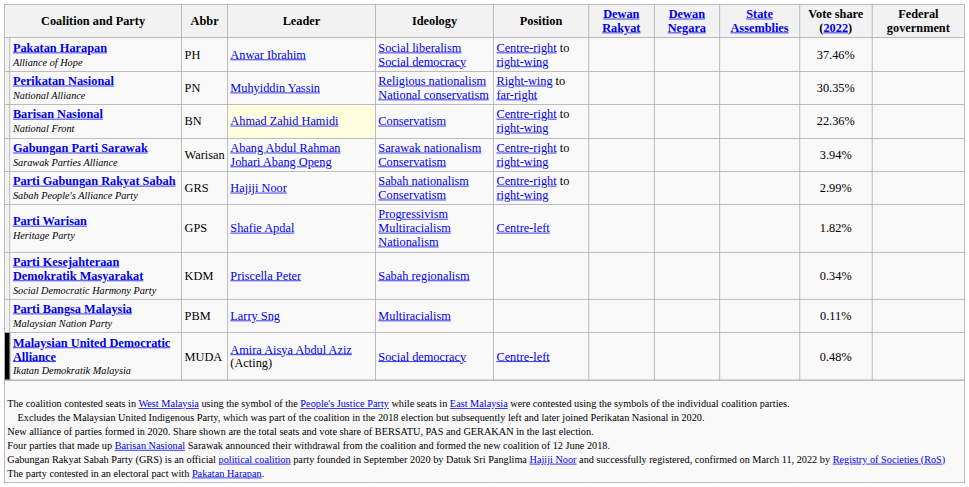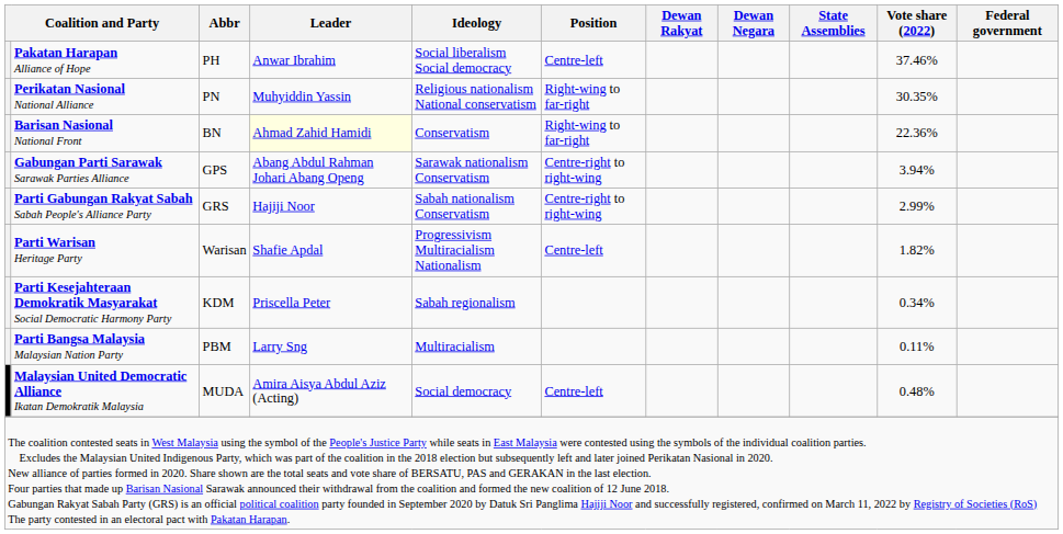 <table class="wikitable sortable">
 <tr>
 <th colspan="2" scope="col" class="unsortable">Coalition and Party</th>
 <th scope="col" class="unsortable">Abbr</th>
 <th scope="col" class="unsortable">Leader</th>
 <th scope="col" class="unsortable">Ideology</th>
 <th scope="col" class="unsortable">Position</th>
 <th data-sort-type="number"><a href='#'>Dewan Rakyat</a></th>
 <th data-sort-type="number"><a href='#'>Dewan Negara</a></th>
 <th data-sort-type="number"><a href='#'>State Assemblies</a></th>
 <th data-sort-type="number">Vote share (<a href='#'>2022</a>)</th>
 <th>Federal government</th>
 </tr>
 <tr>
 <th></th>
 <td><strong><a href='#'>Pakatan Harapan</a></strong><br> <small><em>Alliance of Hope</em></small></td>
 <td>PH</td>
 <td><a href='#'>Anwar Ibrahim</a></td>
 <td><a href='#'>Social liberalism</a><br><a href='#'>Social democracy</a></td>
-<td><a href='#'>Centre-right</a> to <a href='#'>right-wing</a></td>
+<td><a href='#'>Centre-left</a></td>
 <td style="text-align:center;"></td>
 <td style="text-align:center;"></td>
 <td style="text-align:center;"></td>
 <td style="text-align:center;">37.46%</td>
 <td></td>
 </tr>
 <tr>
 <th></th>
 <td><strong><a href='#'>Perikatan Nasional</a></strong><br> <small><em>National Alliance</em></small></td>
 <td>PN</td>
 <td><a href='#'>Muhyiddin Yassin</a></td>
 <td><a href='#'>Religious nationalism</a><br><a href='#'>National conservatism</a></td>
 <td><a href='#'>Right-wing</a> to <a href='#'>far-right</a></td>
 <td style="text-align:center;"></td>
 <td style="text-align:center;"></td>
 <td style="text-align:center;"></td>
 <td style="text-align:center;">30.35%</td>
 <td></td>
 </tr>
 <tr>
 <th></th>
 <td><strong><a href='#'>Barisan Nasional</a></strong><br> <small><em>National Front</em></small></td>
 <td>BN</td>
 <td style="background: lightyellow;"><a href='#'>Ahmad Zahid Hamidi</a></td>
 <td><a href='#'>Conservatism</a></td>
-<td><a href='#'>Centre-right</a> to <a href='#'>right-wing</a></td>
+<td><a href='#'>Right-wing</a> to <a href='#'>far-right</a></td>
 <td style="text-align:center;"></td>
 <td style="text-align:center;"></td>
 <td style="text-align:center;"></td>
 <td style="text-align:center;">22.36%</td>
 <td></td>
 </tr>
 <tr>
 <th></th>
 <td><strong><a href='#'>Gabungan Parti Sarawak</a></strong><br><small><em>Sarawak Parties Alliance</em></small></td>
-<td>Warisan</td>
+<td>GPS</td>
 <td><a href='#'>Abang Abdul Rahman Johari Abang Openg</a></td>
 <td><a href='#'>Sarawak nationalism</a><br><a href='#'>Conservatism</a></td>
 <td><a href='#'>Centre-right</a> to <a href='#'>right-wing</a></td>
 <td style="text-align:center;"></td>
 <td style="text-align:center;"></td>
 <td style="text-align:center;"></td>
 <td style="text-align:center;">3.94%</td>
 <td></td>
 </tr>
 <tr>
 <th></th>
 <td><strong><a href='#'>Parti Gabungan Rakyat Sabah</a></strong><br><small><em>Sabah People's Alliance Party</em></small></td>
 <td>GRS</td>
 <td><a href='#'>Hajiji Noor</a></td>
 <td><a href='#'>Sabah nationalism</a><br><a href='#'>Conservatism</a></td>
 <td><a href='#'>Centre-right</a> to <a href='#'>right-wing</a></td>
 <td style="text-align:center;"></td>
 <td style="text-align:center;"></td>
 <td style="text-align:center;"></td>
 <td style="text-align:center;">2.99%</td>
 <td></td>
 </tr>
 <tr>
 <th></th>
 <td><strong><a href='#'>Parti Warisan</a></strong><br><small><em>Heritage Party</em></small></td>
-<td>GPS</td>
+<td>Warisan</td>
 <td><a href='#'>Shafie Apdal</a></td>
 <td><a href='#'>Progressivism</a> <a href='#'>Multiracialism</a><br><a href='#'>Nationalism</a></td>
 <td><a href='#'>Centre-left</a></td>
 <td style="text-align:center;"></td>
 <td style="text-align:center;"></td>
 <td style="text-align:center;"></td>
 <td style="text-align:center;">1.82%</td>
 <td></td>
 </tr>
 <tr>
 <th></th>
 <td><strong><a href='#'>Parti Kesejahteraan Demokratik Masyarakat</a></strong><br><small><em>Social Democratic Harmony Party</em></small></td>
 <td>KDM</td>
 <td><a href='#'>Priscella Peter</a></td>
 <td><a href='#'>Sabah regionalism</a></td>
 <td></td>
 <td style="text-align:center;"></td>
 <td style="text-align:center;"></td>
 <td style="text-align:center;"></td>
 <td style="text-align:center;">0.34%</td>
 <td></td>
 </tr>
 <tr>
 <th></th>
 <td><strong><a href='#'>Parti Bangsa Malaysia</a></strong><br> <small><em>Malaysian Nation Party</em></small></td>
 <td>PBM</td>
 <td><a href='#'>Larry Sng</a></td>
 <td><a href='#'>Multiracialism</a></td>
 <td></td>
 <td style="text-align:center;"></td>
 <td style="text-align:center;"></td>
 <td style="text-align:center;"></td>
 <td style="text-align:center;">0.11%</td>
 <td></td>
 </tr>
 <tr>
 <th style="background-color:black;"></th>
 <td><strong><a href='#'>Malaysian United Democratic Alliance</a></strong> <br> <small><em>Ikatan Demokratik Malaysia</em></small></td>
 <td>MUDA</td>
 <td><a href='#'>Amira Aisya Abdul Aziz</a> (Acting)</td>
 <td><a href='#'>Social democracy</a></td>
 <td><a href='#'>Centre-left</a></td>
 <td style="text-align:center;"></td>
 <td style="text-align:center;"></td>
 <td style="text-align:center;"></td>
 <td style="text-align:center;">0.48%</td>
 <td></td>
 </tr>
 <tr>
 </tr>
 <tr>
 <td colspan=12><br><small>The coalition contested seats in <a href='#'>West Malaysia</a> using the symbol of the <a href='#'>People's Justice Party</a> while seats in <a href='#'>East Malaysia</a> were contested using the symbols of the individual coalition parties.<br> Excludes the Malaysian United Indigenous Party, which was part of the coalition in the 2018 election but subsequently left and later joined Perikatan Nasional in 2020.</small> <br>  <small>New alliance of parties formed in 2020. Share shown are the total seats and vote share of BERSATU, PAS and GERAKAN in the last election.</small> <br> <small>Four parties that made up <a href='#'>Barisan Nasional</a> Sarawak announced their withdrawal from the coalition and formed the new coalition of 12 June 2018.</small><br>   <small>Gabungan Rakyat Sabah Party (GRS) is an official <a href='#'>political coalition</a> party founded in September 2020 by Datuk Sri Panglima <a href='#'>Hajiji Noor</a> and successfully registered, confirmed on March 11, 2022 by <a href='#'>Registry of Societies (RoS)</a></small><br> <small>The party contested in an electoral pact with <a href='#'>Pakatan Harapan</a>.</small><br>   </td>
 </tr>
 </table>
